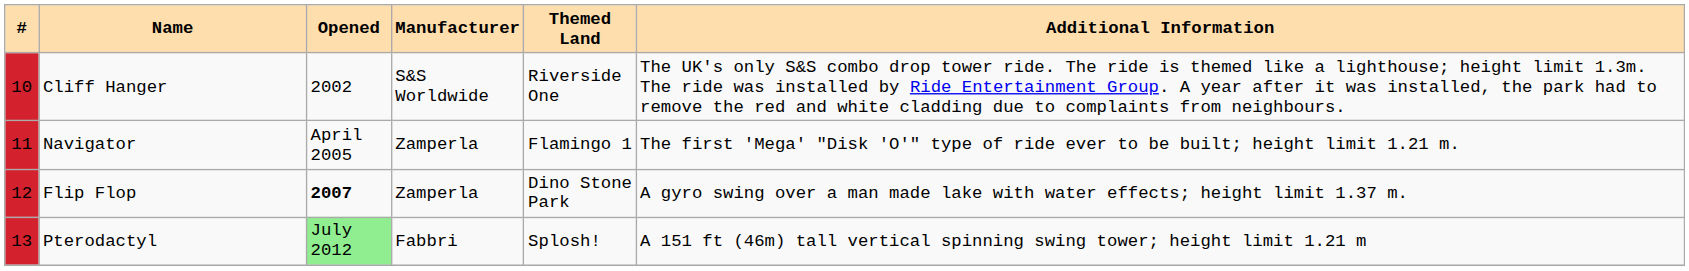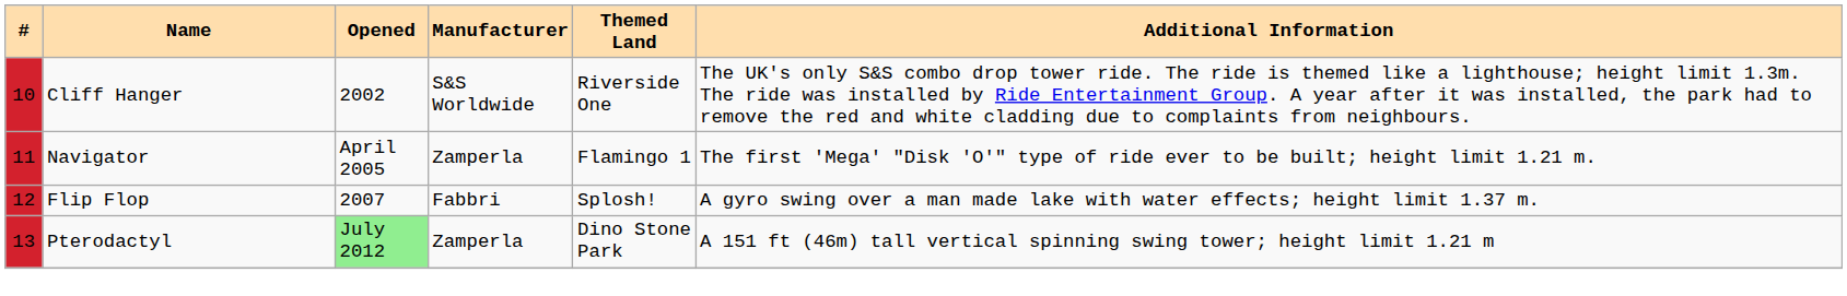 <table class="wikitable" style="width: 100%; font sizes: 95%;">
 <tr>
 <th style="background-color: #FFDEAD; width: 1.5em;">#</th>
 <th style="background-color: #FFDEAD; width: 15em;">Name</th>
 <th style="background-color: #FFDEAD; width: 6m;">Opened</th>
 <th style="background-color: #FFDEAD; width: 6em;">Manufacturer</th>
 <th style="background-color: #FFDEAD; width: 6em;">Themed Land</th>
 <th style="background-color: #FFDEAD;">Additional Information</th>
 </tr>
 <tr>
 <td style="background-color: #D3212D; text-align: center;">10</td>
 <td>Cliff Hanger</td>
 <td>2002</td>
 <td>S&S Worldwide</td>
 <td>Riverside One</td>
 <td>The UK's only S&S combo drop tower ride. The ride is themed like a lighthouse; height limit 1.3m. The ride was installed by <a href='#'>Ride Entertainment Group</a>. A year after it was installed, the park had to remove the red and white cladding due to complaints from neighbours.</td>
 </tr>
 <tr>
 <td style="background-color: #D3212D; text-align: center;">11</td>
 <td>Navigator</td>
 <td>April 2005</td>
 <td>Zamperla</td>
 <td>Flamingo 1</td>
 <td>The first 'Mega' "Disk 'O'" type of ride ever to be built; height limit 1.21 m.</td>
 </tr>
 <tr>
 <td style="background-color: #D3212D; text-align: center;">12</td>
 <td>Flip Flop</td>
-<td><strong>2007</strong></td>
-<td>Zamperla</td>
-<td>Dino Stone Park</td>
+<td>2007</td>
+<td>Fabbri</td>
+<td>Splosh!</td>
 <td>A gyro swing over a man made lake with water effects; height limit 1.37 m.</td>
 </tr>
 <tr>
 <td style="background-color: #D3212D; text-align: center;">13</td>
 <td>Pterodactyl</td>
 <td style="background: lightgreen;">July 2012</td>
-<td>Fabbri</td>
-<td>Splosh!</td>
+<td>Zamperla</td>
+<td>Dino Stone Park</td>
 <td>A 151 ft (46m) tall vertical spinning swing tower; height limit 1.21 m</td>
 </tr>
 <tr>
 </tr>
 </table>
